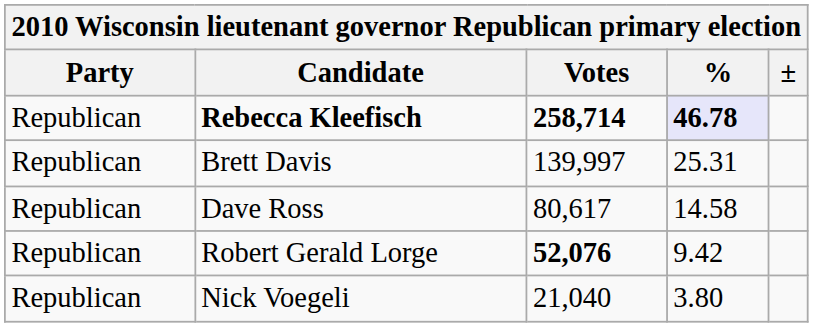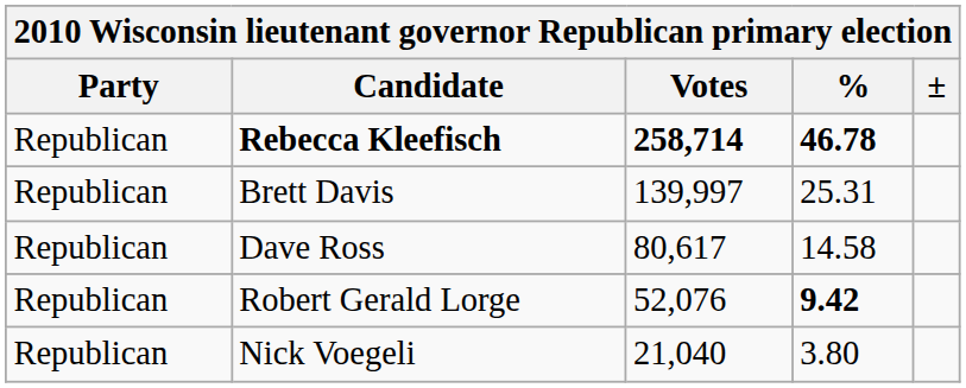 <table class="wikitable">
 <tr>
 <th colspan="5">2010 Wisconsin lieutenant governor Republican primary election</th>
 </tr>
 <tr>
 <th>Party</th>
 <th>Candidate</th>
 <th>Votes</th>
 <th>%</th>
 <th>±</th>
 </tr>
 <tr>
 <td>Republican</td>
 <td><strong>Rebecca Kleefisch</strong></td>
 <td><strong>258,714</strong></td>
-<td style="background: lavender;"><strong>46.78</strong></td>
+<td><strong>46.78</strong></td>
 <td></td>
 </tr>
 <tr>
 <td>Republican</td>
 <td>Brett Davis</td>
 <td>139,997</td>
 <td>25.31</td>
 <td></td>
 </tr>
 <tr>
 <td>Republican</td>
 <td>Dave Ross</td>
 <td>80,617</td>
 <td>14.58</td>
 <td></td>
 </tr>
 <tr>
 <td>Republican</td>
 <td>Robert Gerald Lorge</td>
-<td><strong>52,076</strong></td>
-<td>9.42</td>
+<td>52,076</td>
+<td><strong>9.42</strong></td>
 <td></td>
 </tr>
 <tr>
 <td>Republican</td>
 <td>Nick Voegeli</td>
 <td>21,040</td>
 <td>3.80</td>
 <td></td>
 </tr>
 </table>
